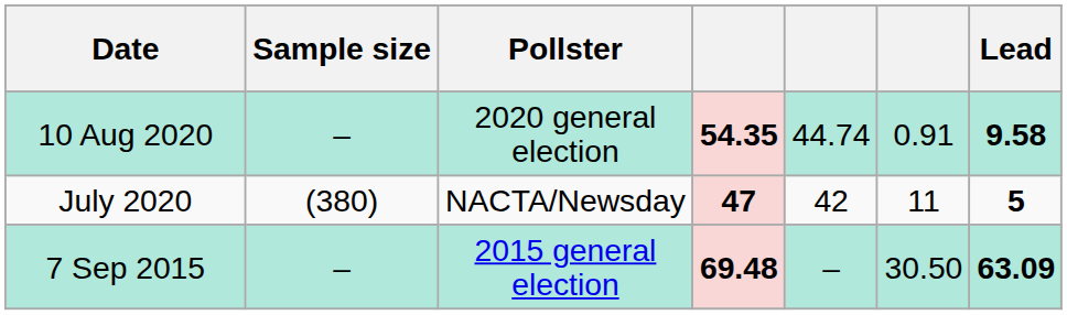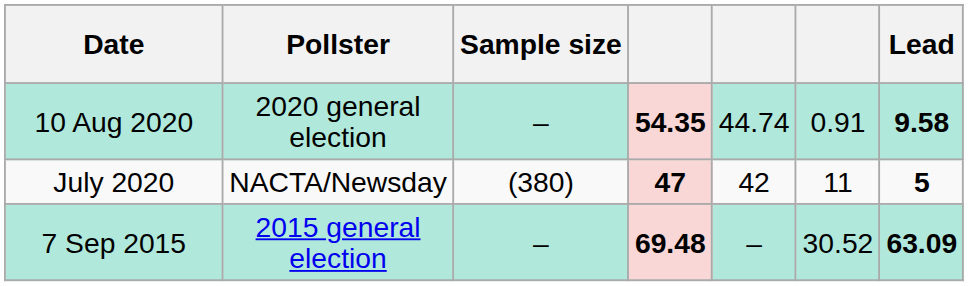 <table class="wikitable sortable collapsible" style="text-align:center;font-size:95%;">
 <tr style="height:42px;">
 <th style="width:110px;">Date</th>
+<th style="width:110px;">Pollster</th>
 <th data-sort-type="number">Sample size</th>
-<th style="width:110px;">Pollster</th>
 <th class="unsortable" style="background:"><a href='#'></a></th>
 <th class="unsortable" style="background:"></th>
 <th class="unsortable" style="background:"></th>
 <th>Lead</th>
 </tr>
 <tr style="background:#b0e9db;">
 <td>10 Aug 2020</td>
+<td>2020 general election</td>
 <td>–</td>
-<td>2020 general election</td>
 <td style="background:#F8D7D6;"><strong>54.35</strong></td>
 <td>44.74</td>
 <td>0.91</td>
 <td style="background:"><strong>9.58</strong></td>
 </tr>
 <tr>
 <td>July 2020</td>
+<td>NACTA/Newsday</td>
 <td>(380)</td>
-<td>NACTA/Newsday</td>
 <td style="background:#F8D7D6;"><strong>47</strong></td>
 <td>42</td>
 <td>11</td>
 <td style="background:"><strong>5</strong></td>
 </tr>
 <tr style="background:#b0e9db;">
 <td data-sort-value="2015-09-07">7 Sep 2015</td>
+<td><a href='#'>2015 general election</a></td>
 <td>–</td>
-<td><a href='#'>2015 general election</a></td>
 <td style="background:#F8D7D6;"><strong>69.48</strong></td>
 <td>–</td>
-<td>30.50</td>
+<td>30.52</td>
 <td style="background:"><strong>63.09</strong></td>
 </tr>
 </table>
